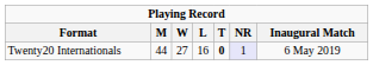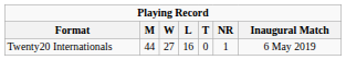 <table class="wikitable" style="text-align: center; width: 500px;">
 <tr>
 <td colspan=7 align="center"><strong>Playing Record</strong></td>
 </tr>
 <tr>
 <th>Format</th>
 <th>M</th>
 <th>W</th>
 <th>L</th>
 <th>T</th>
 <th>NR</th>
 <th>Inaugural Match</th>
 </tr>
 <tr>
 <td align="left">Twenty20 Internationals</td>
 <td>44</td>
 <td>27</td>
 <td>16</td>
-<td><strong>0</strong></td>
-<td style="background: lavender;">1</td>
+<td>0</td>
+<td>1</td>
 <td>6 May 2019</td>
 </tr>
 </table>
